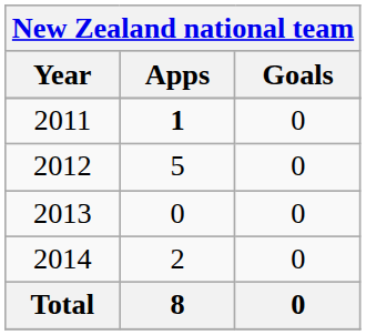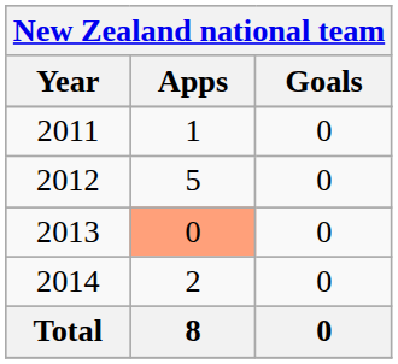 <table class="wikitable" style="text-align:center">
 <tr>
 <th colspan=3><a href='#'>New Zealand national team</a></th>
 </tr>
 <tr>
 <th>Year</th>
 <th>Apps</th>
 <th>Goals</th>
 </tr>
 <tr>
 </tr>
 <tr>
 <td>2011</td>
-<td><strong>1</strong></td>
+<td>1</td>
 <td>0</td>
 </tr>
 <tr>
 <td>2012</td>
 <td>5</td>
 <td>0</td>
 </tr>
 <tr>
 <td>2013</td>
-<td>0</td>
+<td style="background: lightsalmon;">0</td>
 <td>0</td>
 </tr>
 <tr>
 <td>2014</td>
 <td>2</td>
 <td>0</td>
 </tr>
 <tr>
 <th>Total</th>
 <th>8</th>
 <th>0</th>
 </tr>
 <tr>
 </tr>
 </table>
